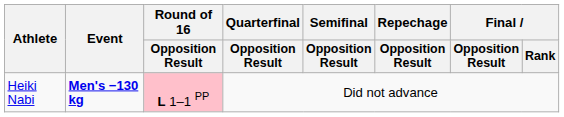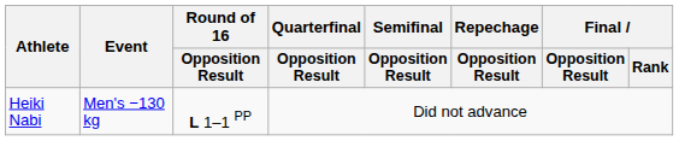 <table class="wikitable" style="font-size:90%">
 <tr>
 <th rowspan=2>Athlete</th>
 <th rowspan=2>Event</th>
 <th>Round of 16</th>
 <th>Quarterfinal</th>
 <th>Semifinal</th>
 <th>Repechage</th>
 <th colspan=2>Final / </th>
 </tr>
 <tr style="font-size: 95%">
 <th>Opposition<br>Result</th>
 <th>Opposition<br>Result</th>
 <th>Opposition<br>Result</th>
 <th>Opposition<br>Result</th>
 <th>Opposition<br>Result</th>
 <th>Rank</th>
 </tr>
 <tr align=center>
 <td align=left><a href='#'>Heiki Nabi</a></td>
-<td align=left><strong><a href='#'>Men's −130 kg</a></strong></td>
-<td style="background: pink;"><br><strong>L</strong> 1–1 <sup>PP</sup></td>
+<td align=left><a href='#'>Men's −130 kg</a></td>
+<td><br><strong>L</strong> 1–1 <sup>PP</sup></td>
 <td colspan=5>Did not advance</td>
 </tr>
 </table>
